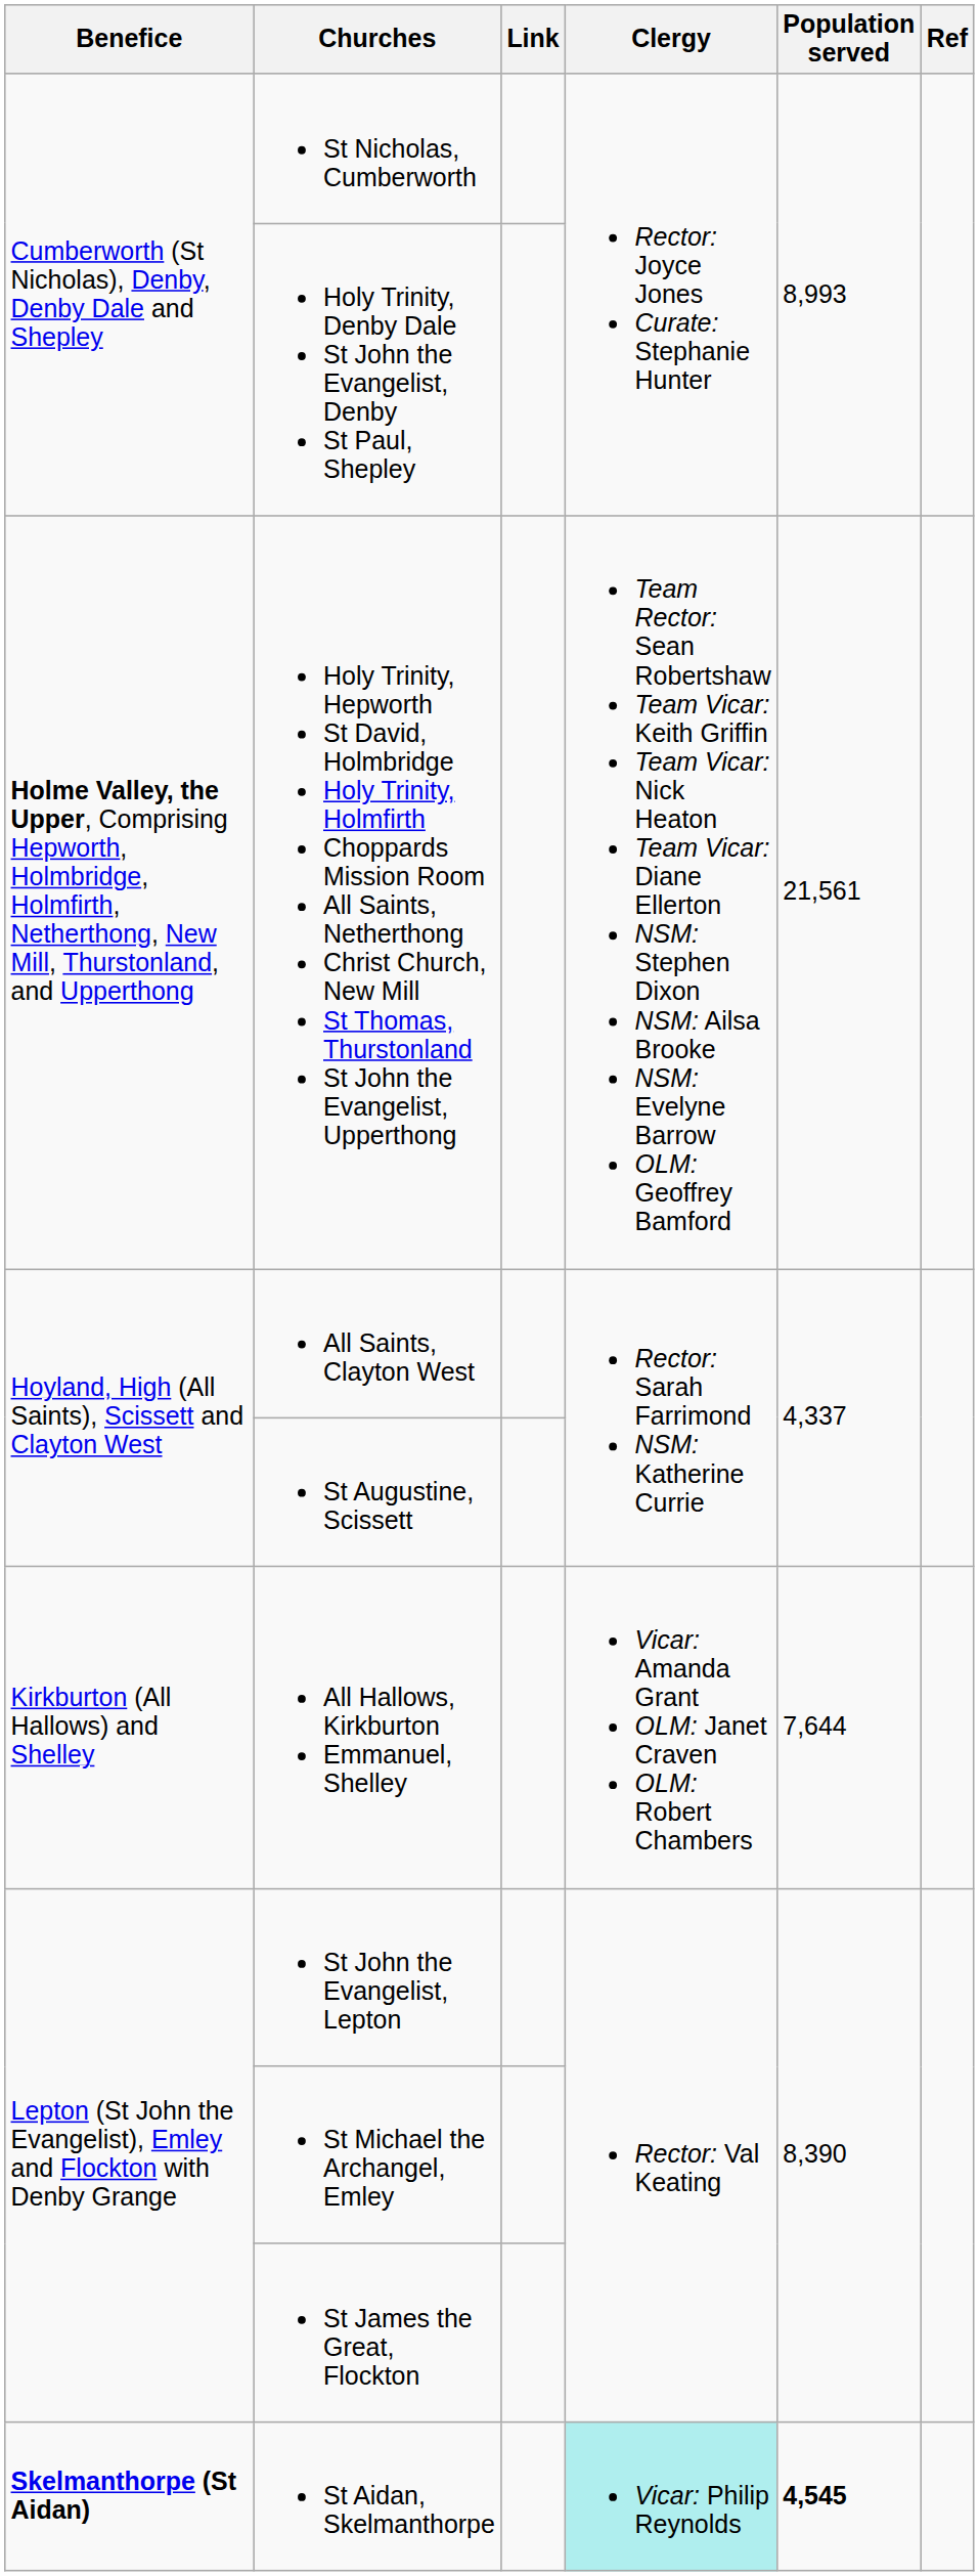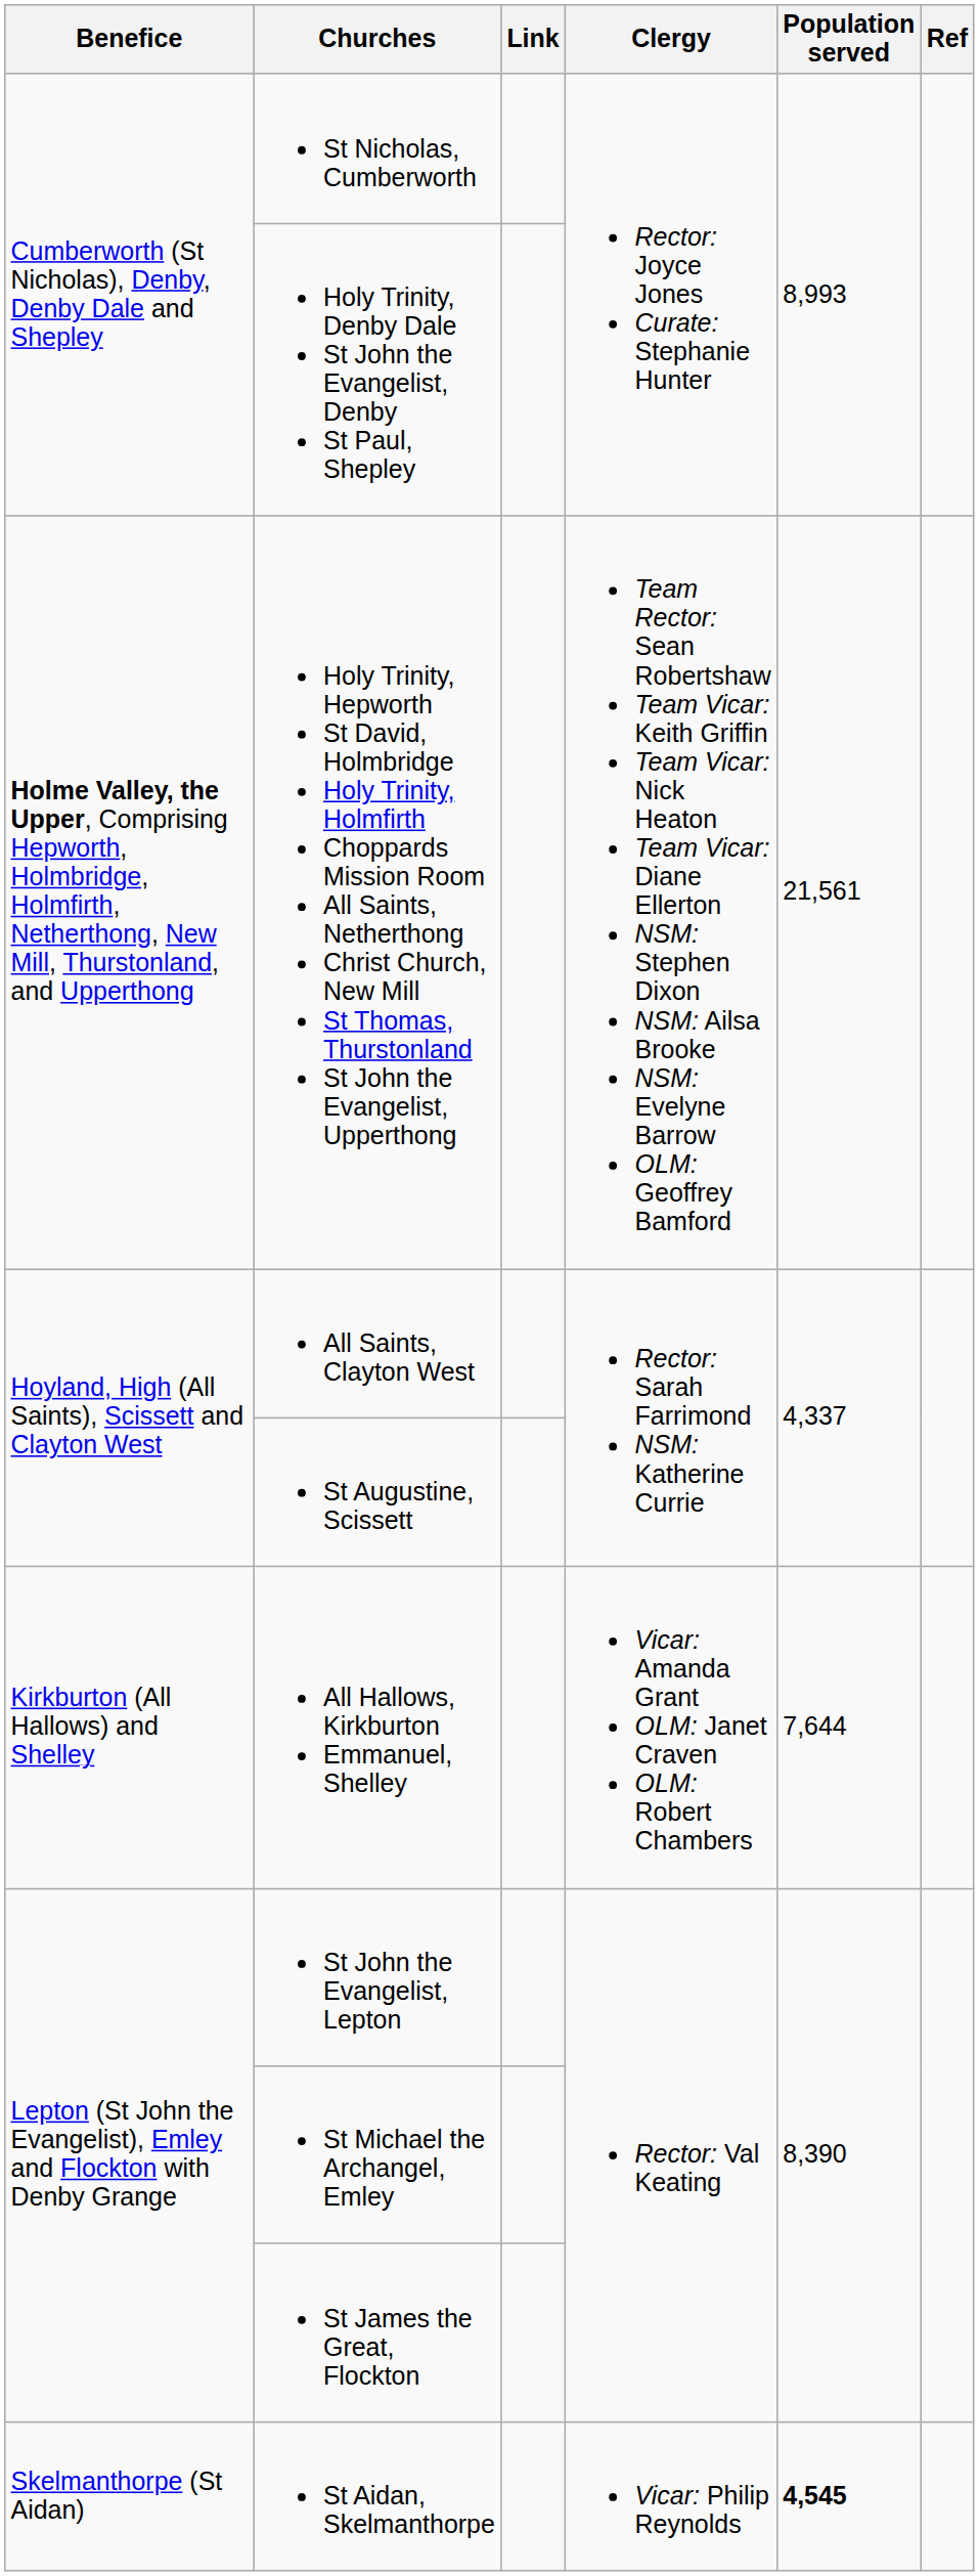 <table class="wikitable">
 <tr>
 <th style="width:425px;">Benefice</th>
 <th>Churches</th>
 <th>Link</th>
 <th>Clergy</th>
 <th>Population served</th>
 <th>Ref</th>
 </tr>
 <tr>
 <td rowspan="2"><a href='#'>Cumberworth</a> (St Nicholas), <a href='#'>Denby</a>, <a href='#'>Denby Dale</a> and <a href='#'>Shepley</a></td>
 <td><br><ul><li>St Nicholas, Cumberworth</li></ul></td>
 <td></td>
 <td rowspan="2"><br><ul><li><em>Rector:</em> Joyce Jones</li><li><em>Curate:</em> Stephanie Hunter</li></ul></td>
 <td rowspan="2">8,993</td>
 <td rowspan="2"></td>
 </tr>
 <tr>
 <td><br><ul><li>Holy Trinity, Denby Dale</li><li>St John the Evangelist, Denby</li><li>St Paul, Shepley</li></ul></td>
 <td></td>
 </tr>
 <tr>
 <td><strong>Holme Valley, the Upper</strong>, Comprising <a href='#'>Hepworth</a>, <a href='#'>Holmbridge</a>, <a href='#'>Holmfirth</a>, <a href='#'>Netherthong</a>, <a href='#'>New Mill</a>, <a href='#'>Thurstonland</a>, and <a href='#'>Upperthong</a></td>
 <td><br><ul><li>Holy Trinity, Hepworth</li><li>St David, Holmbridge</li><li><a href='#'>Holy Trinity, Holmfirth</a></li><li>Choppards Mission Room</li><li>All Saints, Netherthong</li><li>Christ Church, New Mill</li><li><a href='#'>St Thomas, Thurstonland</a></li><li>St John the Evangelist, Upperthong</li></ul></td>
 <td></td>
 <td><br><ul><li><em>Team Rector:</em> Sean Robertshaw</li><li><em>Team Vicar:</em> Keith Griffin</li><li><em>Team Vicar:</em> Nick Heaton</li><li><em>Team Vicar:</em> Diane Ellerton</li><li><em>NSM:</em> Stephen Dixon</li><li><em>NSM:</em> Ailsa Brooke</li><li><em>NSM:</em> Evelyne Barrow</li><li><em>OLM:</em> Geoffrey Bamford</li></ul></td>
 <td>21,561</td>
 <td></td>
 </tr>
 <tr>
 <td rowspan="2"><a href='#'>Hoyland, High</a> (All Saints), <a href='#'>Scissett</a> and <a href='#'>Clayton West</a></td>
 <td><br><ul><li>All Saints, Clayton West</li></ul></td>
 <td></td>
 <td rowspan="2"><br><ul><li><em>Rector:</em> Sarah Farrimond</li><li><em>NSM:</em> Katherine Currie</li></ul></td>
 <td rowspan="2">4,337</td>
 <td rowspan="2"></td>
 </tr>
 <tr>
 <td><br><ul><li>St Augustine, Scissett</li></ul></td>
 <td></td>
 </tr>
 <tr>
 <td><a href='#'>Kirkburton</a> (All Hallows) and <a href='#'>Shelley</a></td>
 <td><br><ul><li>All Hallows, Kirkburton</li><li>Emmanuel, Shelley</li></ul></td>
 <td></td>
 <td><br><ul><li><em>Vicar:</em> Amanda Grant</li><li><em>OLM:</em> Janet Craven</li><li><em>OLM:</em> Robert Chambers</li></ul></td>
 <td>7,644</td>
 <td></td>
 </tr>
 <tr>
 <td rowspan="3"><a href='#'>Lepton</a> (St John the Evangelist), <a href='#'>Emley</a> and <a href='#'>Flockton</a> with Denby Grange</td>
 <td><br><ul><li>St John the Evangelist, Lepton</li></ul></td>
 <td></td>
 <td rowspan="3"><br><ul><li><em>Rector:</em> Val Keating</li></ul></td>
 <td rowspan="3">8,390</td>
 <td rowspan="3"></td>
 </tr>
 <tr>
 <td><br><ul><li>St Michael the Archangel, Emley</li></ul></td>
 <td></td>
 </tr>
 <tr>
 <td><br><ul><li>St James the Great, Flockton</li></ul></td>
 <td></td>
 </tr>
 <tr>
-<td><strong><a href='#'>Skelmanthorpe</a> (St Aidan)</strong></td>
+<td><a href='#'>Skelmanthorpe</a> (St Aidan)</td>
 <td><br><ul><li>St Aidan, Skelmanthorpe</li></ul></td>
 <td></td>
-<td style="background: paleturquoise;"><br><ul><li><em>Vicar:</em> Philip Reynolds</li></ul></td>
+<td><br><ul><li><em>Vicar:</em> Philip Reynolds</li></ul></td>
 <td><strong>4,545</strong></td>
 <td></td>
 </tr>
 </table>
